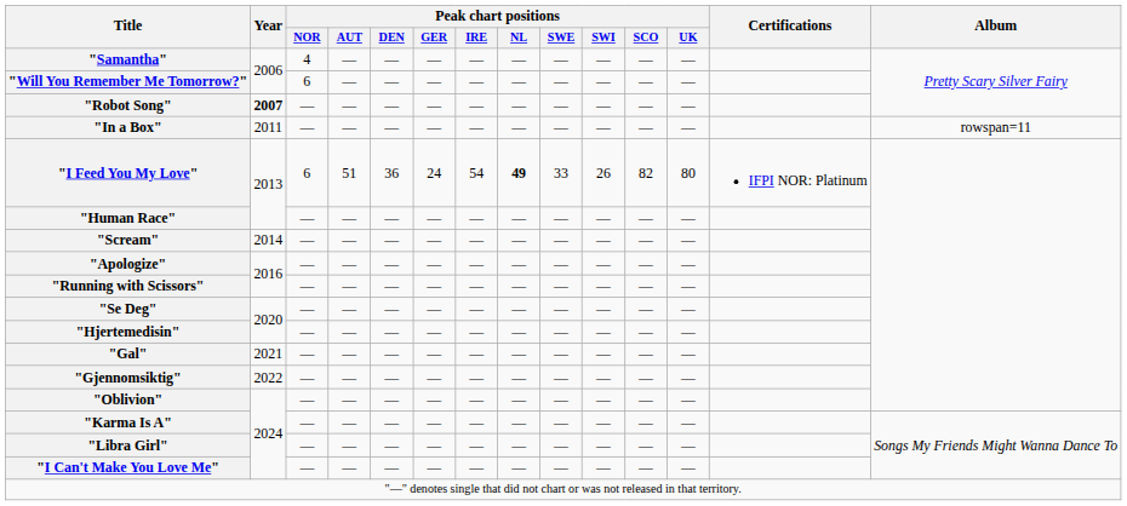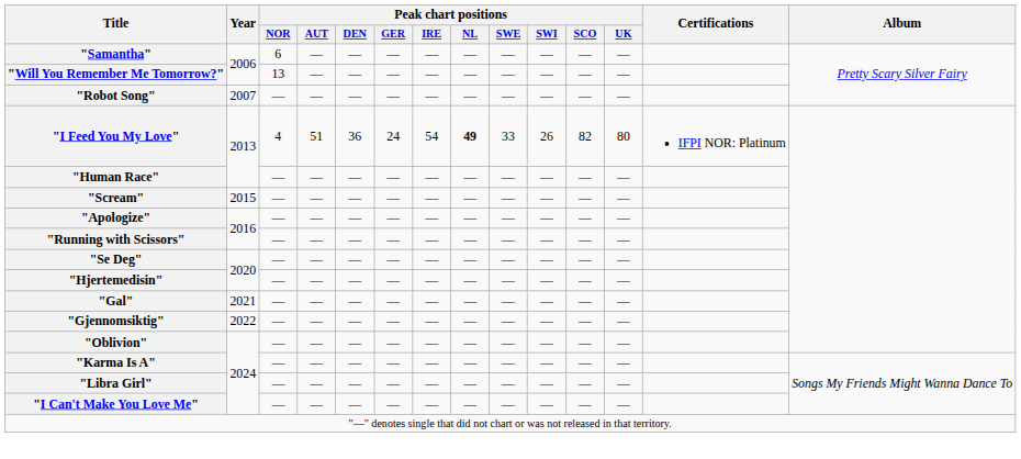 <table class="wikitable plainrowheaders" style="text-align:center;" border="1">
 <tr>
 <th scope="col" rowspan="2">Title</th>
 <th scope="col" rowspan="2">Year</th>
 <th scope="col" colspan="10">Peak chart positions</th>
 <th scope="col" rowspan="2">Certifications</th>
 <th scope="col" rowspan="2">Album</th>
 </tr>
 <tr>
 <th scope="col" style="width:3em;font-size:85%;"><a href='#'>NOR</a><br></th>
 <th scope="col" style="width:3em;font-size:85%;"><a href='#'>AUT</a><br></th>
 <th scope="col" style="width:3em;font-size:85%;"><a href='#'>DEN</a><br></th>
 <th scope="col" style="width:3em;font-size:85%;"><a href='#'>GER</a><br></th>
 <th scope="col" style="width:3em;font-size:85%;"><a href='#'>IRE</a><br></th>
 <th scope="col" style="width:3em;font-size:85%;"><a href='#'>NL</a><br></th>
 <th scope="col" style="width:3em;font-size:85%;"><a href='#'>SWE</a><br></th>
 <th scope="col" style="width:3em;font-size:85%;"><a href='#'>SWI</a><br></th>
 <th scope="col" style="width:3em;font-size:85%;"><a href='#'>SCO</a></th>
 <th scope="col" style="width:3em;font-size:85%;"><a href='#'>UK</a><br></th>
 </tr>
 <tr>
 <th scope="row">"<a href='#'>Samantha</a>"</th>
 <td rowspan="2">2006</td>
-<td>4</td>
+<td>6</td>
 <td>—</td>
 <td>—</td>
 <td>—</td>
 <td>—</td>
 <td>—</td>
 <td>—</td>
 <td>—</td>
 <td>—</td>
 <td>—</td>
 <td></td>
 <td rowspan="3"><em><a href='#'>Pretty Scary Silver Fairy</a></em></td>
 </tr>
 <tr>
 <th scope="row">"<a href='#'>Will You Remember Me Tomorrow?</a>"</th>
-<td>6</td>
+<td>13</td>
 <td>—</td>
 <td>—</td>
 <td>—</td>
 <td>—</td>
 <td>—</td>
 <td>—</td>
 <td>—</td>
 <td>—</td>
 <td>—</td>
 <td></td>
 </tr>
 <tr>
 <th scope="row">"Robot Song"</th>
-<td><strong>2007</strong></td>
+<td>2007</td>
 <td>—</td>
 <td>—</td>
 <td>—</td>
 <td>—</td>
 <td>—</td>
 <td>—</td>
 <td>—</td>
 <td>—</td>
 <td>—</td>
 <td>—</td>
 <td></td>
 </tr>
 <tr>
-<th scope="row">"In a Box"</th>
-<td>2011</td>
-<td>—</td>
-<td>—</td>
-<td>—</td>
-<td>—</td>
-<td>—</td>
-<td>—</td>
-<td>—</td>
-<td>—</td>
-<td>—</td>
-<td>—</td>
-<td></td>
-<td>rowspan=11 </td>
-</tr>
-<tr>
 <th scope="row">"<a href='#'>I Feed You My Love</a>"</th>
 <td rowspan="2">2013</td>
-<td>6</td>
+<td>4</td>
 <td>51</td>
 <td>36</td>
 <td>24</td>
 <td>54</td>
 <td><strong>49</strong></td>
 <td>33</td>
 <td>26</td>
 <td>82</td>
 <td>80</td>
 <td><br><ul><li><a href='#'>IFPI</a> NOR: Platinum</li></ul></td>
 </tr>
 <tr>
 <th scope="row">"Human Race"</th>
 <td>—</td>
 <td>—</td>
 <td>—</td>
 <td>—</td>
 <td>—</td>
 <td>—</td>
 <td>—</td>
 <td>—</td>
 <td>—</td>
 <td>—</td>
 <td></td>
 </tr>
 <tr>
 <th scope="row">"Scream"</th>
-<td>2014</td>
+<td>2015</td>
 <td>—</td>
 <td>—</td>
 <td>—</td>
 <td>—</td>
 <td>—</td>
 <td>—</td>
 <td>—</td>
 <td>—</td>
 <td>—</td>
 <td>—</td>
 <td></td>
 </tr>
 <tr>
 <th scope="row">"Apologize"</th>
 <td rowspan="2">2016</td>
 <td>—</td>
 <td>—</td>
 <td>—</td>
 <td>—</td>
 <td>—</td>
 <td>—</td>
 <td>—</td>
 <td>—</td>
 <td>—</td>
 <td>—</td>
 <td></td>
 </tr>
 <tr>
 <th scope="row">"Running with Scissors"</th>
 <td>—</td>
 <td>—</td>
 <td>—</td>
 <td>—</td>
 <td>—</td>
 <td>—</td>
 <td>—</td>
 <td>—</td>
 <td>—</td>
 <td>—</td>
 <td></td>
 </tr>
 <tr>
 <th scope="row">"Se Deg"</th>
 <td rowspan="2">2020</td>
 <td>—</td>
 <td>—</td>
 <td>—</td>
 <td>—</td>
 <td>—</td>
 <td>—</td>
 <td>—</td>
 <td>—</td>
 <td>—</td>
 <td>—</td>
 <td></td>
 </tr>
 <tr>
 <th scope="row">"Hjertemedisin"</th>
 <td>—</td>
 <td>—</td>
 <td>—</td>
 <td>—</td>
 <td>—</td>
 <td>—</td>
 <td>—</td>
 <td>—</td>
 <td>—</td>
 <td>—</td>
 <td></td>
 </tr>
 <tr>
 <th scope="row">"Gal"</th>
 <td>2021</td>
 <td>—</td>
 <td>—</td>
 <td>—</td>
 <td>—</td>
 <td>—</td>
 <td>—</td>
 <td>—</td>
 <td>—</td>
 <td>—</td>
 <td>—</td>
 <td></td>
 </tr>
 <tr>
 <th scope="row">"Gjennomsiktig"</th>
 <td>2022</td>
 <td>—</td>
 <td>—</td>
 <td>—</td>
 <td>—</td>
 <td>—</td>
 <td>—</td>
 <td>—</td>
 <td>—</td>
 <td>—</td>
 <td>—</td>
 <td></td>
 </tr>
 <tr>
 <th scope="row">"Oblivion"</th>
 <td rowspan="4">2024</td>
 <td>—</td>
 <td>—</td>
 <td>—</td>
 <td>—</td>
 <td>—</td>
 <td>—</td>
 <td>—</td>
 <td>—</td>
 <td>—</td>
 <td>—</td>
 <td></td>
 </tr>
 <tr>
 <th scope="row">"Karma Is A"</th>
 <td>—</td>
 <td>—</td>
 <td>—</td>
 <td>—</td>
 <td>—</td>
 <td>—</td>
 <td>—</td>
 <td>—</td>
 <td>—</td>
 <td>—</td>
 <td></td>
 <td rowspan="3"><em>Songs My Friends Might Wanna Dance To</em></td>
 </tr>
 <tr>
 <th scope="row">"Libra Girl"</th>
 <td>—</td>
 <td>—</td>
 <td>—</td>
 <td>—</td>
 <td>—</td>
 <td>—</td>
 <td>—</td>
 <td>—</td>
 <td>—</td>
 <td>—</td>
 <td></td>
 </tr>
 <tr>
 <th scope="row">"<a href='#'>I Can't Make You Love Me</a>"</th>
 <td>—</td>
 <td>—</td>
 <td>—</td>
 <td>—</td>
 <td>—</td>
 <td>—</td>
 <td>—</td>
 <td>—</td>
 <td>—</td>
 <td>—</td>
 <td></td>
 </tr>
 <tr>
 <td colspan="14" style="font-size:85%">"—" denotes single that did not chart or was not released in that territory.</td>
 </tr>
 </table>
